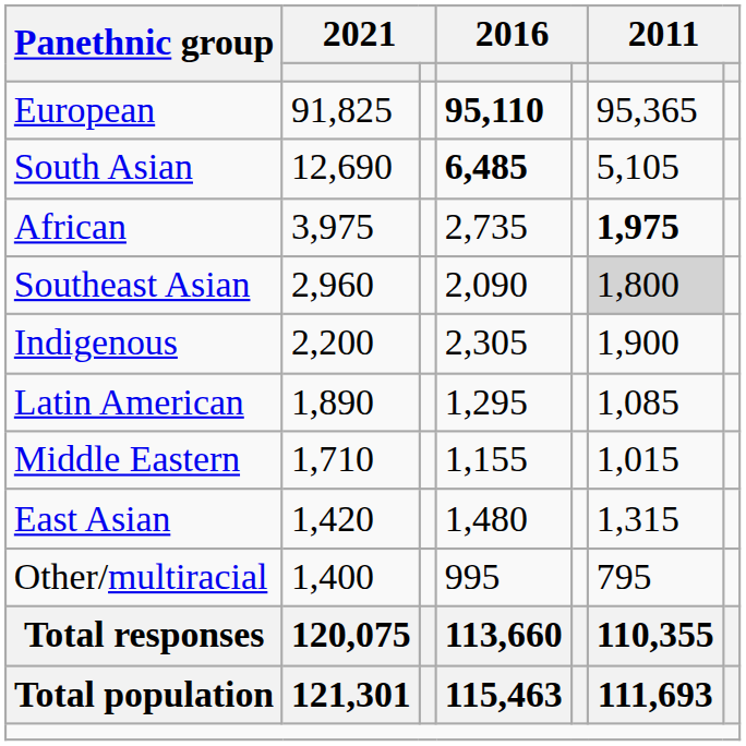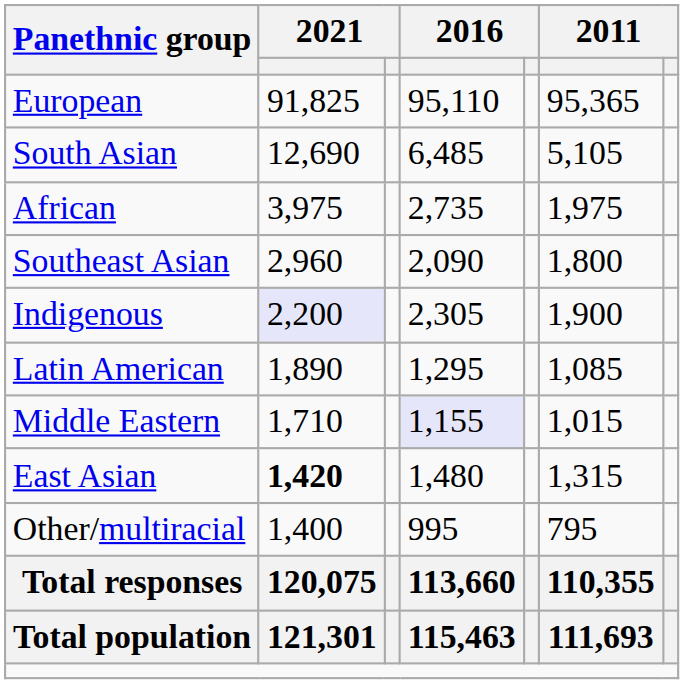 <table class="wikitable collapsible sortable">
 <tr>
 <th rowspan="2"><a href='#'>Panethnic</a> group</th>
 <th colspan="2">2021</th>
 <th colspan="2">2016</th>
 <th colspan="2">2011</th>
 </tr>
 <tr>
 <th><a href='#'></a></th>
 <th></th>
 <th></th>
 <th></th>
 <th></th>
 <th></th>
 </tr>
 <tr>
 <td><a href='#'>European</a></td>
 <td>91,825</td>
 <td></td>
-<td><strong>95,110</strong></td>
+<td>95,110</td>
 <td></td>
 <td>95,365</td>
 <td></td>
 </tr>
 <tr>
 <td><a href='#'>South Asian</a></td>
 <td>12,690</td>
 <td></td>
-<td><strong>6,485</strong></td>
+<td>6,485</td>
 <td></td>
 <td>5,105</td>
 <td></td>
 </tr>
 <tr>
 <td><a href='#'>African</a></td>
 <td>3,975</td>
 <td></td>
 <td>2,735</td>
 <td></td>
-<td><strong>1,975</strong></td>
+<td>1,975</td>
 <td></td>
 </tr>
 <tr>
 <td><a href='#'>Southeast Asian</a></td>
 <td>2,960</td>
 <td></td>
 <td>2,090</td>
 <td></td>
-<td style="background: lightgrey;">1,800</td>
+<td>1,800</td>
 <td></td>
 </tr>
 <tr>
 <td><a href='#'>Indigenous</a></td>
-<td>2,200</td>
+<td style="background: lavender;">2,200</td>
 <td></td>
 <td>2,305</td>
 <td></td>
 <td>1,900</td>
 <td></td>
 </tr>
 <tr>
 <td><a href='#'>Latin American</a></td>
 <td>1,890</td>
 <td></td>
 <td>1,295</td>
 <td></td>
 <td>1,085</td>
 <td></td>
 </tr>
 <tr>
 <td><a href='#'>Middle Eastern</a></td>
 <td>1,710</td>
 <td></td>
-<td>1,155</td>
+<td style="background: lavender;">1,155</td>
 <td></td>
 <td>1,015</td>
 <td></td>
 </tr>
 <tr>
 <td><a href='#'>East Asian</a></td>
-<td>1,420</td>
+<td><strong>1,420</strong></td>
 <td></td>
 <td>1,480</td>
 <td></td>
 <td>1,315</td>
 <td></td>
 </tr>
 <tr>
 <td>Other/<a href='#'>multiracial</a></td>
 <td>1,400</td>
 <td></td>
 <td>995</td>
 <td></td>
 <td>795</td>
 <td></td>
 </tr>
 <tr>
 <th>Total responses</th>
 <th>120,075</th>
 <th></th>
 <th>113,660</th>
 <th></th>
 <th>110,355</th>
 <th></th>
 </tr>
 <tr class="sortbottom">
 <th>Total population</th>
 <th>121,301</th>
 <th></th>
 <th>115,463</th>
 <th></th>
 <th>111,693</th>
 <th></th>
 </tr>
 <tr class="sortbottom">
 <td colspan="15"></td>
 </tr>
 </table>
